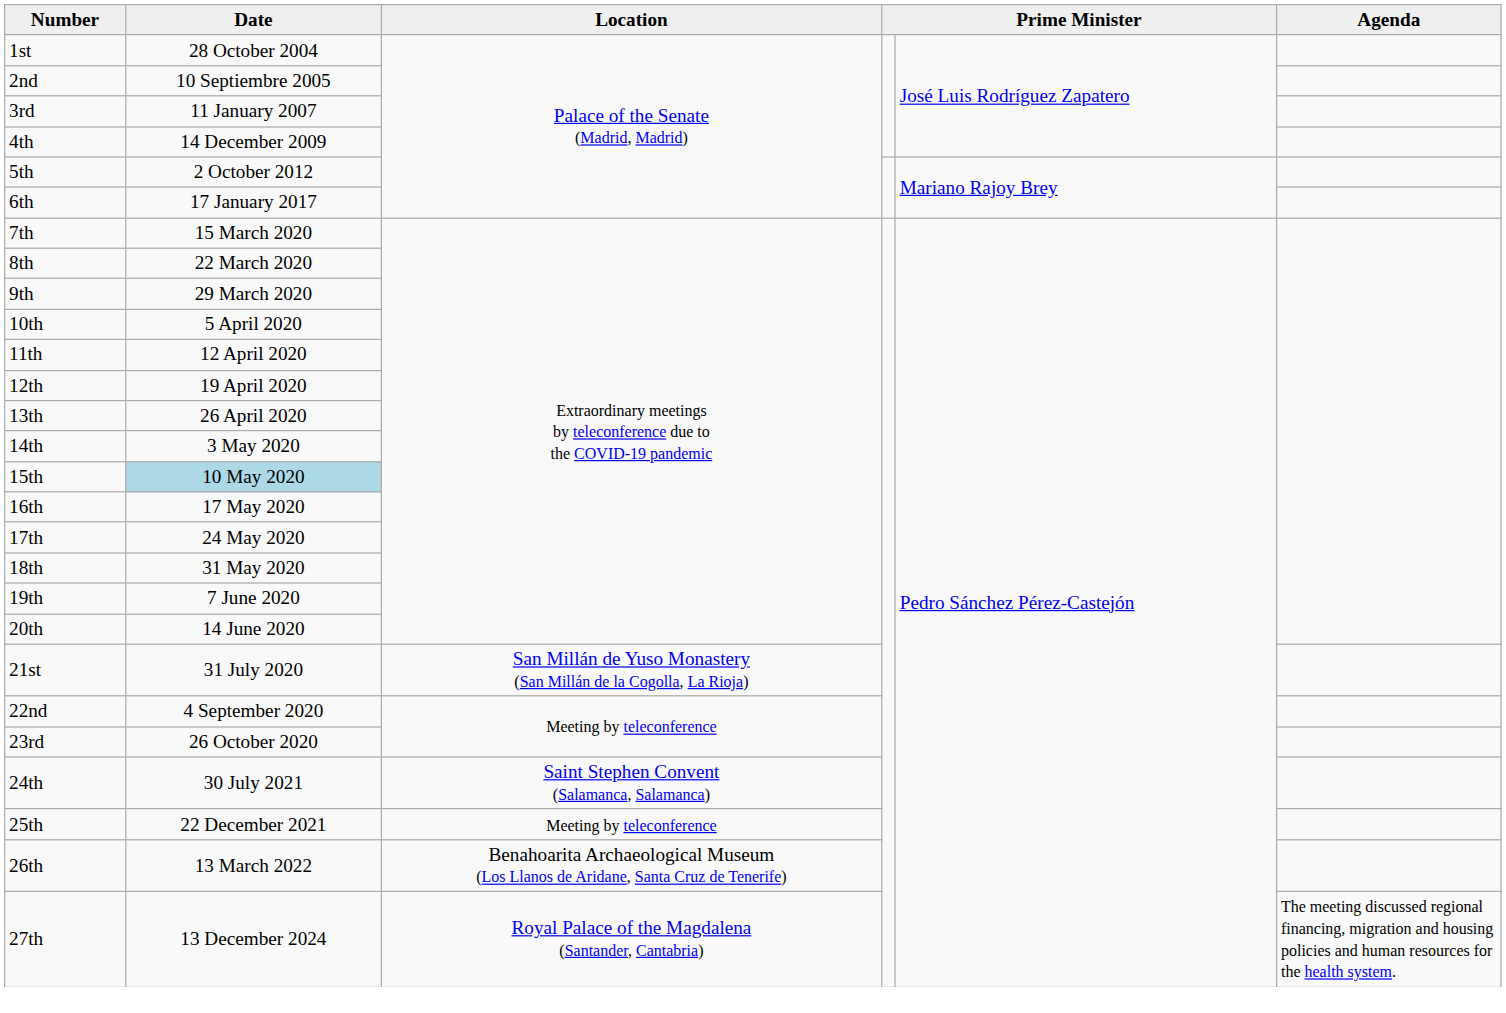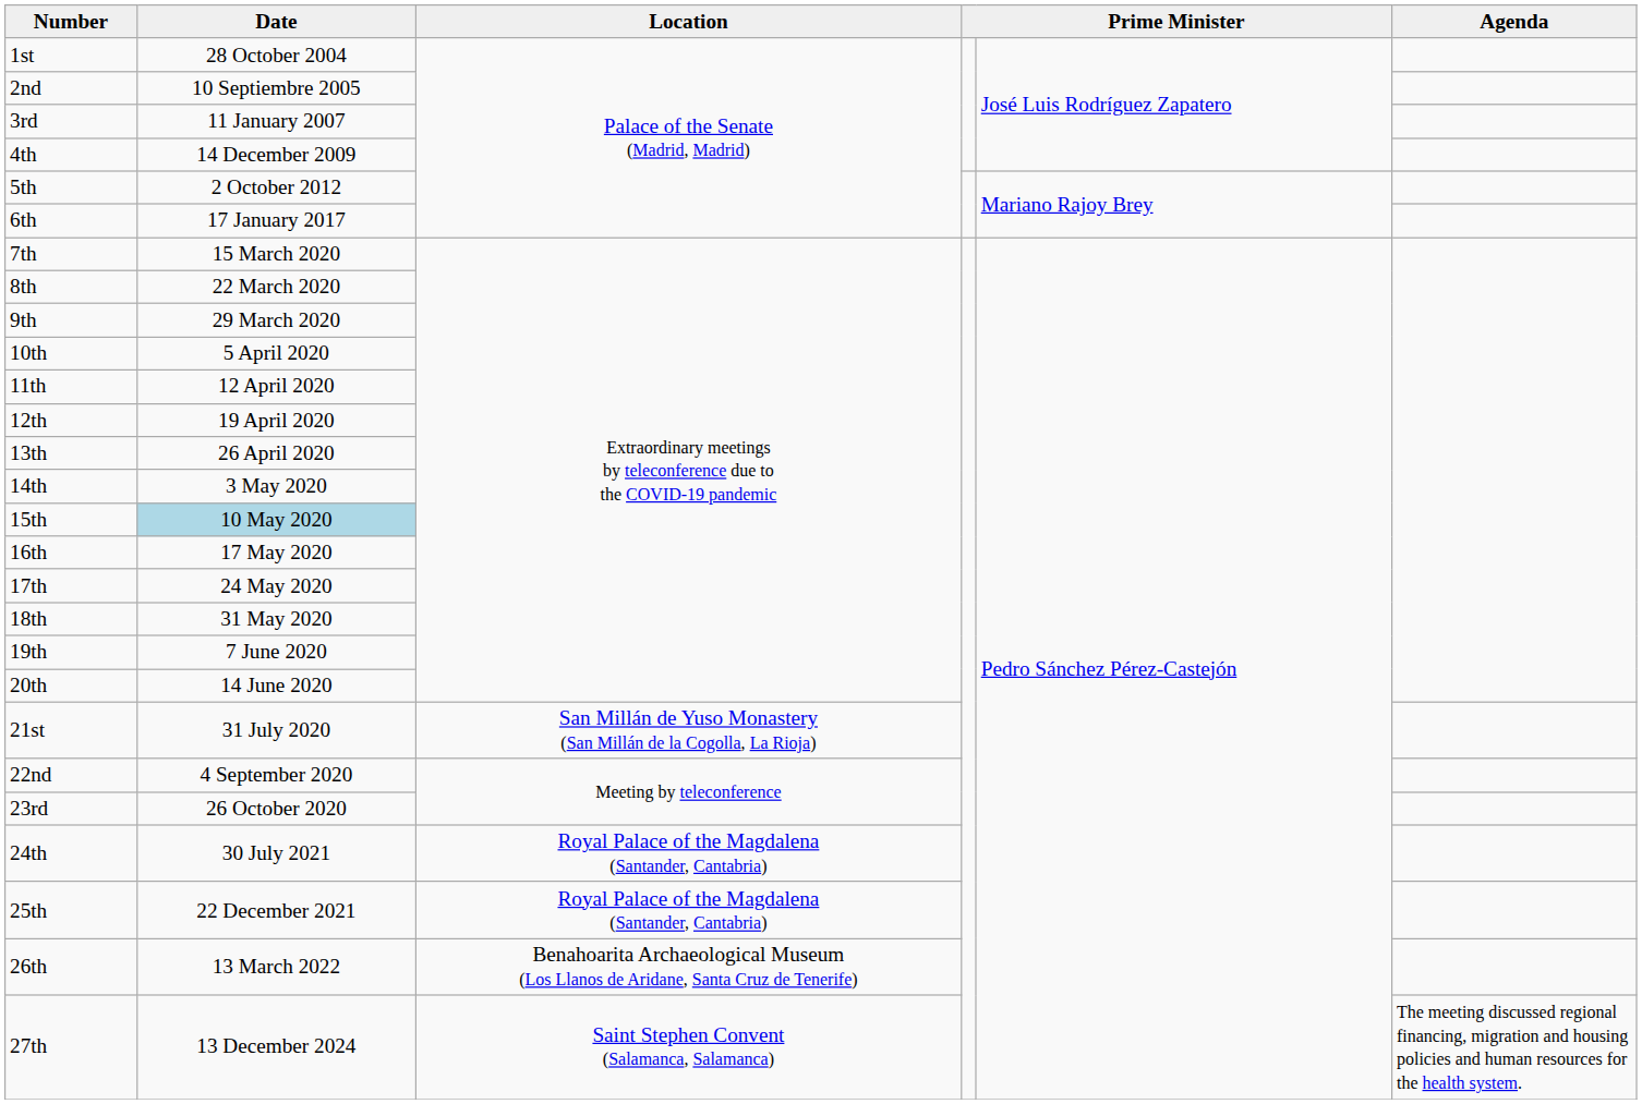 <table class="wikitable col4cen">
 <tr>
 <th style="background:#efefef;">Number</th>
 <th style="background:#efefef;">Date</th>
 <th style="background:#efefef;">Location</th>
 <th colspan="2" style="background:#efefef;">Prime Minister</th>
 <th style="background:#efefef;" width="15%">Agenda</th>
 </tr>
 <tr>
 <td>1st</td>
 <td align="center">28 October  2004</td>
 <td rowspan="6" align="center"><a href='#'>Palace of the Senate</a><br><small>(<a href='#'>Madrid</a>, <a href='#'>Madrid</a>)</small></td>
 <td rowspan="4" style="background-color:"></td>
 <td rowspan="4"><a href='#'>José Luis Rodríguez Zapatero</a></td>
 <td></td>
 </tr>
 <tr>
 <td>2nd</td>
 <td align="center">10 Septiembre 2005</td>
 <td></td>
 </tr>
 <tr>
 <td>3rd</td>
 <td align="center">11 January 2007</td>
 <td></td>
 </tr>
 <tr>
 <td>4th</td>
 <td align="center">14 December 2009</td>
 <td></td>
 </tr>
 <tr>
 <td>5th</td>
 <td align="center">2 October 2012</td>
 <td rowspan="2" style="background-color:"></td>
 <td rowspan="2"><a href='#'>Mariano Rajoy Brey</a></td>
 <td></td>
 </tr>
 <tr>
 <td>6th</td>
 <td align="center">17 January 2017</td>
 <td></td>
 </tr>
 <tr>
 <td>7th</td>
 <td align="center">15 March 2020</td>
 <td rowspan="14" align="center"><small>Extraordinary meetings<br>by <a href='#'>teleconference</a> due to<br> the <a href='#'>COVID-19 pandemic</a></small></td>
 <td rowspan="21" style="background-color:"></td>
 <td rowspan="21"><a href='#'>Pedro Sánchez Pérez-Castejón</a></td>
 <td rowspan="14"></td>
 </tr>
 <tr>
 <td>8th</td>
 <td align="center">22 March 2020</td>
 </tr>
 <tr>
 <td>9th</td>
 <td align="center">29 March 2020</td>
 </tr>
 <tr>
 <td>10th</td>
 <td align="center">5 April 2020</td>
 </tr>
 <tr>
 <td>11th</td>
 <td align="center">12 April 2020</td>
 </tr>
 <tr>
 <td>12th</td>
 <td align="center">19 April 2020</td>
 </tr>
 <tr>
 <td>13th</td>
 <td align="center">26 April 2020</td>
 </tr>
 <tr>
 <td>14th</td>
 <td align="center">3 May 2020</td>
 </tr>
 <tr>
 <td>15th</td>
 <td align="center" style="background: lightblue;">10 May 2020</td>
 </tr>
 <tr>
 <td>16th</td>
 <td align="center">17 May 2020</td>
 </tr>
 <tr>
 <td>17th</td>
 <td align="center">24 May 2020</td>
 </tr>
 <tr>
 <td>18th</td>
 <td align="center">31 May 2020</td>
 </tr>
 <tr>
 <td>19th</td>
 <td align="center">7 June 2020</td>
 </tr>
 <tr>
 <td>20th</td>
 <td align="center">14 June 2020</td>
 </tr>
 <tr>
 <td>21st</td>
 <td align="center">31 July 2020</td>
 <td align="center"><a href='#'>San Millán de Yuso Monastery</a><br><small>(<a href='#'>San Millán de la Cogolla</a>, <a href='#'>La Rioja</a>)</small></td>
 <td></td>
 </tr>
 <tr>
 <td>22nd</td>
 <td align="center">4 September 2020</td>
 <td rowspan="2" align="center"><small>Meeting by <a href='#'>teleconference</a></small></td>
 <td></td>
 </tr>
 <tr>
 <td>23rd</td>
 <td align="center">26 October 2020</td>
 <td></td>
 </tr>
 <tr>
 <td>24th</td>
 <td align="center">30 July 2021</td>
-<td align="center"><a href='#'>Saint Stephen Convent</a><br><small>(<a href='#'>Salamanca</a>, <a href='#'>Salamanca</a>)</small></td>
+<td align="center"><a href='#'>Royal Palace of the Magdalena</a><br><small>(<a href='#'>Santander</a>, <a href='#'>Cantabria</a>)</small></td>
 <td></td>
 </tr>
 <tr>
 <td>25th</td>
 <td align="center">22 December 2021</td>
-<td align="center"><small>Meeting by <a href='#'>teleconference</a></small></td>
+<td align="center"><a href='#'>Royal Palace of the Magdalena</a><br><small>(<a href='#'>Santander</a>, <a href='#'>Cantabria</a>)</small></td>
 <td></td>
 </tr>
 <tr>
 <td>26th</td>
 <td align="center">13 March 2022</td>
 <td align="center">Benahoarita Archaeological Museum<br><small>(<a href='#'>Los Llanos de Aridane</a>, <a href='#'>Santa Cruz de Tenerife</a>)</small></td>
 <td></td>
 </tr>
 <tr>
 <td>27th</td>
 <td align="center">13 December 2024</td>
-<td align="center"><a href='#'>Royal Palace of the Magdalena</a><br><small>(<a href='#'>Santander</a>, <a href='#'>Cantabria</a>)</small></td>
+<td align="center"><a href='#'>Saint Stephen Convent</a><br><small>(<a href='#'>Salamanca</a>, <a href='#'>Salamanca</a>)</small></td>
 <td {{Collapsible list><small>The meeting discussed regional financing, migration and housing policies and human resources for the <a href='#'>health system</a>.</small></td>
 </tr>
 </table>
